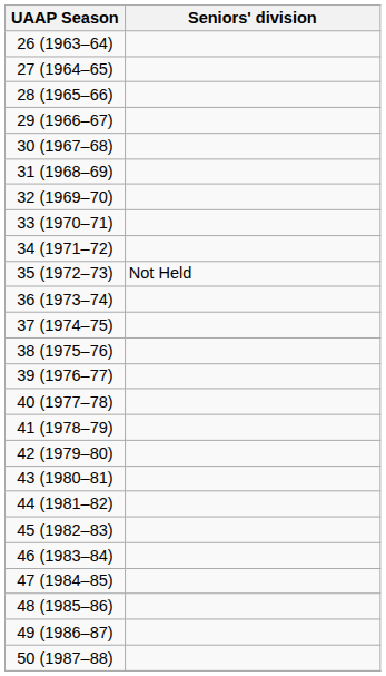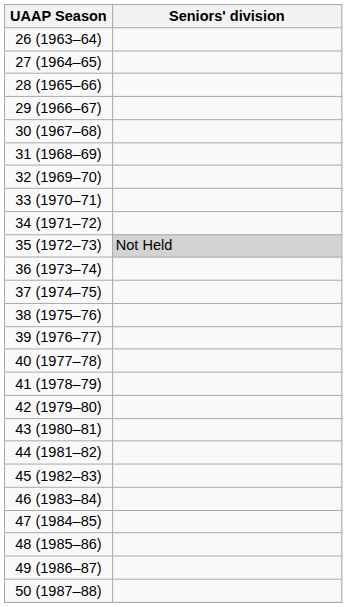 <table class="wikitable" style="font-size:90%;">
 <tr>
 <th width=100px>UAAP Season</th>
 <th width=220px>Seniors' division</th>
 </tr>
 <tr>
 <td align=center>26 (1963–64)</td>
 <td></td>
 </tr>
 <tr>
 <td align=center>27 (1964–65)</td>
 <td></td>
 </tr>
 <tr>
 <td align=center>28 (1965–66)</td>
 <td></td>
 </tr>
 <tr>
 <td align=center>29 (1966–67)</td>
 <td></td>
 </tr>
 <tr>
 <td align=center>30 (1967–68)</td>
 <td></td>
 </tr>
 <tr>
 <td align=center>31 (1968–69)</td>
 <td></td>
 </tr>
 <tr>
 <td align=center>32 (1969–70)</td>
 <td></td>
 </tr>
 <tr>
 <td align=center>33 (1970–71)</td>
 <td><br></td>
 </tr>
 <tr>
 <td align=center>34 (1971–72)</td>
 <td></td>
 </tr>
 <tr>
 <td align=center>35 (1972–73)</td>
-<td>Not Held</td>
+<td style="background: lightgrey;">Not Held</td>
 </tr>
 <tr>
 <td align=center>36 (1973–74)</td>
 <td></td>
 </tr>
 <tr>
 <td align=center>37 (1974–75)</td>
 <td></td>
 </tr>
 <tr>
 <td align=center>38 (1975–76)</td>
 <td></td>
 </tr>
 <tr>
 <td align=center>39 (1976–77)</td>
 <td></td>
 </tr>
 <tr>
 <td align=center>40 (1977–78)</td>
 <td><br></td>
 </tr>
 <tr>
 <td align=center>41 (1978–79)</td>
 <td></td>
 </tr>
 <tr>
 <td align=center>42 (1979–80)</td>
 <td></td>
 </tr>
 <tr>
 <td align=center>43 (1980–81)</td>
 <td></td>
 </tr>
 <tr>
 <td align=center>44 (1981–82)</td>
 <td></td>
 </tr>
 <tr>
 <td align=center>45 (1982–83)</td>
 <td></td>
 </tr>
 <tr>
 <td align=center>46 (1983–84)</td>
 <td></td>
 </tr>
 <tr>
 <td align=center>47 (1984–85)</td>
 <td></td>
 </tr>
 <tr>
 <td align=center>48 (1985–86)</td>
 <td></td>
 </tr>
 <tr>
 <td align=center>49 (1986–87)</td>
 <td></td>
 </tr>
 <tr>
 <td align=center>50 (1987–88)</td>
 <td></td>
 </tr>
 <tr>
 </tr>
 </table>
